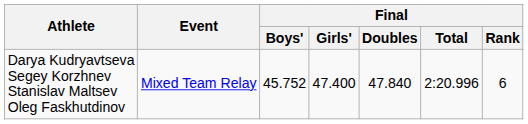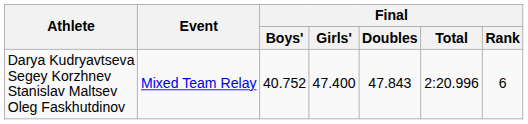 <table class="wikitable">
 <tr>
 <th rowspan="2">Athlete</th>
 <th rowspan="2">Event</th>
 <th colspan="5">Final</th>
 </tr>
 <tr>
 <th>Boys'</th>
 <th>Girls'</th>
 <th>Doubles</th>
 <th>Total</th>
 <th>Rank</th>
 </tr>
 <tr>
 <td>Darya Kudryavtseva<br>Segey Korzhnev<br>Stanislav Maltsev<br>Oleg Faskhutdinov</td>
 <td><a href='#'>Mixed Team Relay</a></td>
-<td align="center">45.752</td>
+<td align="center">40.752</td>
 <td align="center">47.400</td>
-<td align="center">47.840</td>
+<td align="center">47.843</td>
 <td align="center">2:20.996</td>
 <td align="center">6</td>
 </tr>
 </table>
